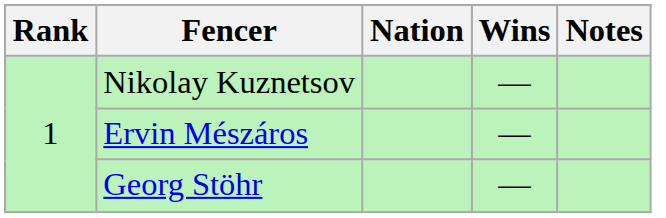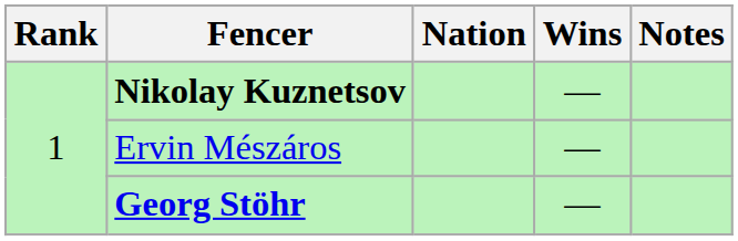 <table class="wikitable sortable" style="text-align:center">
 <tr>
 <th>Rank</th>
 <th>Fencer</th>
 <th>Nation</th>
 <th>Wins</th>
 <th>Notes</th>
 </tr>
 <tr bgcolor=bbf3bb>
 <td rowspan=3>1</td>
-<td align=left>Nikolay Kuznetsov</td>
+<td align=left><strong>Nikolay Kuznetsov</strong></td>
 <td align=left></td>
 <td>—</td>
 <td></td>
 </tr>
 <tr bgcolor=bbf3bb>
 <td align=left><a href='#'>Ervin Mészáros</a></td>
 <td align=left></td>
 <td>—</td>
 <td></td>
 </tr>
 <tr bgcolor=bbf3bb>
-<td align=left><a href='#'>Georg Stöhr</a></td>
+<td align=left><strong><a href='#'>Georg Stöhr</a></strong></td>
 <td align=left></td>
 <td>—</td>
 <td></td>
 </tr>
 </table>
